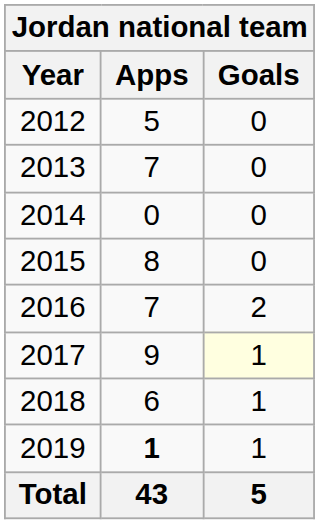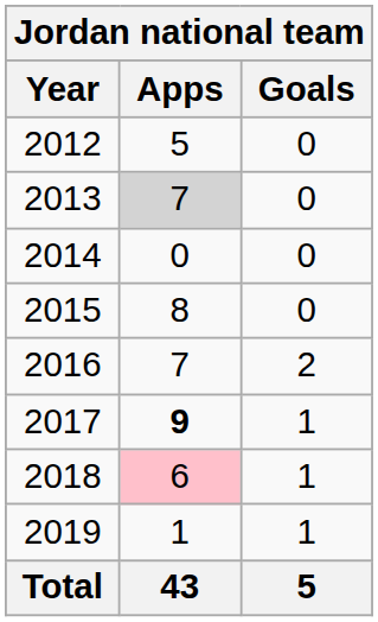 <table class="wikitable" style="text-align:center">
 <tr>
 <th colspan=3>Jordan national team</th>
 </tr>
 <tr>
 <th>Year</th>
 <th>Apps</th>
 <th>Goals</th>
 </tr>
 <tr>
 <td>2012</td>
 <td>5</td>
 <td>0</td>
 </tr>
 <tr>
 <td>2013</td>
-<td>7</td>
+<td style="background: lightgrey;">7</td>
 <td>0</td>
 </tr>
 <tr>
 <td>2014</td>
 <td>0</td>
 <td>0</td>
 </tr>
 <tr>
 <td>2015</td>
 <td>8</td>
 <td>0</td>
 </tr>
 <tr>
 <td>2016</td>
 <td>7</td>
 <td>2</td>
 </tr>
 <tr>
 <td>2017</td>
-<td>9</td>
-<td style="background: lightyellow;">1</td>
+<td><strong>9</strong></td>
+<td>1</td>
 </tr>
 <tr>
 <td>2018</td>
-<td>6</td>
+<td style="background: pink;">6</td>
 <td>1</td>
 </tr>
 <tr>
 <td>2019</td>
-<td><strong>1</strong></td>
+<td>1</td>
 <td>1</td>
 </tr>
 <tr>
 <th>Total</th>
 <th>43</th>
 <th>5</th>
 </tr>
 </table>
